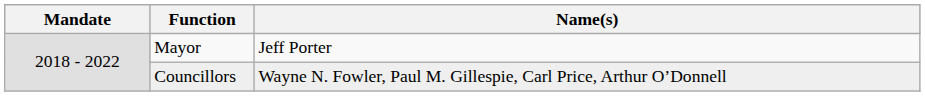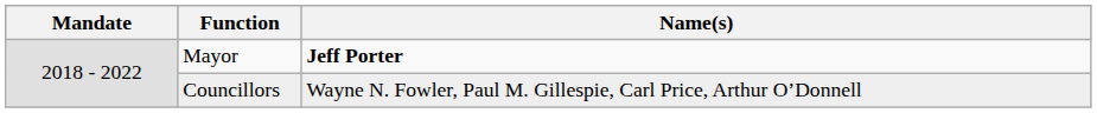 <table class="wikitable centre">
 <tr style="font-size: 80%; text-align: left; background-color:silver">
 <th style="color: Black; text-align: center" width="100px">Mandate</th>
 <th style="color: Black" width="70px">Function</th>
 <th style="color: Black" width="480px">Name(s)</th>
 </tr>
 <tr style="font-size: 80%; text-align: left;">
 <td rowspan="2" style="text-align: center; background-color:#E0E0E0; color:Black;">2018 - 2022</td>
 <td>Mayor</td>
-<td>Jeff Porter</td>
+<td><strong>Jeff Porter</strong></td>
 </tr>
 <tr style="font-size: 80%; text-align: left; background-color:#EFEFEF">
 <td>Councillors</td>
 <td>Wayne N. Fowler, Paul M. Gillespie, Carl Price, Arthur O’Donnell</td>
 </tr>
 </table>
